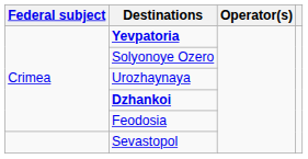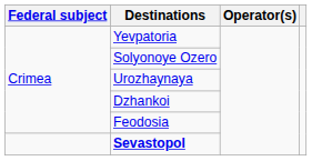 <table class="wikitable">
 <tr>
 <th><a href='#'>Federal subject</a></th>
 <th>Destinations</th>
 <th>Operator(s)</th>
 <th></th>
 </tr>
 <tr>
 <td rowspan="5">  <a href='#'>Crimea</a></td>
-<td><strong><a href='#'>Yevpatoria</a></strong></td>
+<td><a href='#'>Yevpatoria</a></td>
 <td rowspan="6"></td>
 <td rowspan="6"></td>
 </tr>
 <tr>
 <td><a href='#'>Solyonoye Ozero</a></td>
 </tr>
 <tr>
 <td><a href='#'>Urozhaynaya</a></td>
 </tr>
 <tr>
-<td><strong><a href='#'>Dzhankoi</a></strong></td>
+<td><a href='#'>Dzhankoi</a></td>
 </tr>
 <tr>
 <td><a href='#'>Feodosia</a></td>
 </tr>
 <tr>
 <td></td>
-<td><a href='#'>Sevastopol</a></td>
+<td><strong><a href='#'>Sevastopol</a></strong></td>
 </tr>
 </table>
